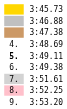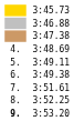 <table style="text-align:center">
 <tr>
 <td width=30 bgcolor=gold></td>
 <td align=left></td>
 <td width=60>3:45.73</td>
 </tr>
 <tr>
 <td bgcolor=silver></td>
 <td align=left></td>
 <td>3:46.88</td>
 </tr>
 <tr>
 <td bgcolor=cc9966></td>
 <td align=left></td>
 <td>3:47.38</td>
 </tr>
 <tr>
 <td>4.</td>
 <td align=left></td>
 <td>3:48.69</td>
 </tr>
 <tr>
-<td><strong>5.</strong></td>
+<td>5.</td>
 <td align=left></td>
 <td>3:49.11</td>
 </tr>
 <tr>
 <td>6.</td>
 <td align=left></td>
 <td>3:49.38</td>
 </tr>
 <tr>
-<td style="background: lightgrey;">7.</td>
+<td>7.</td>
 <td align=left></td>
 <td>3:51.61</td>
 </tr>
 <tr>
-<td style="background: pink;">8.</td>
+<td>8.</td>
 <td align=left></td>
 <td>3:52.25</td>
 </tr>
 <tr>
-<td>9.</td>
+<td><strong>9.</strong></td>
 <td align=left></td>
 <td>3:53.20</td>
 </tr>
 </table>
